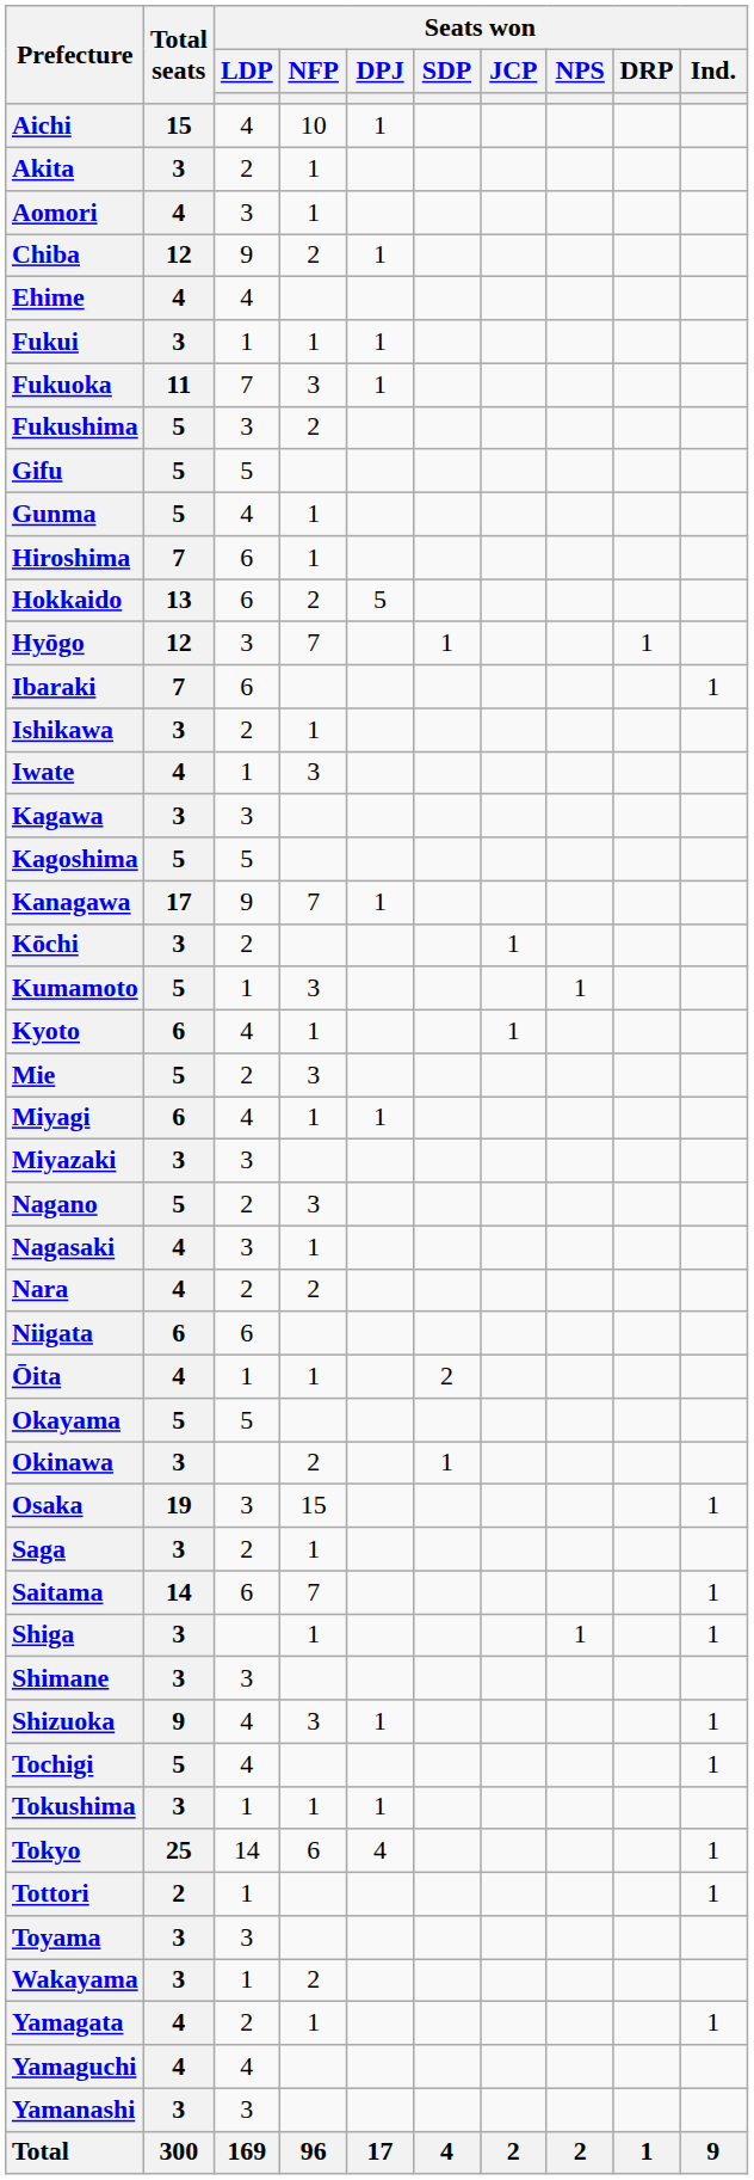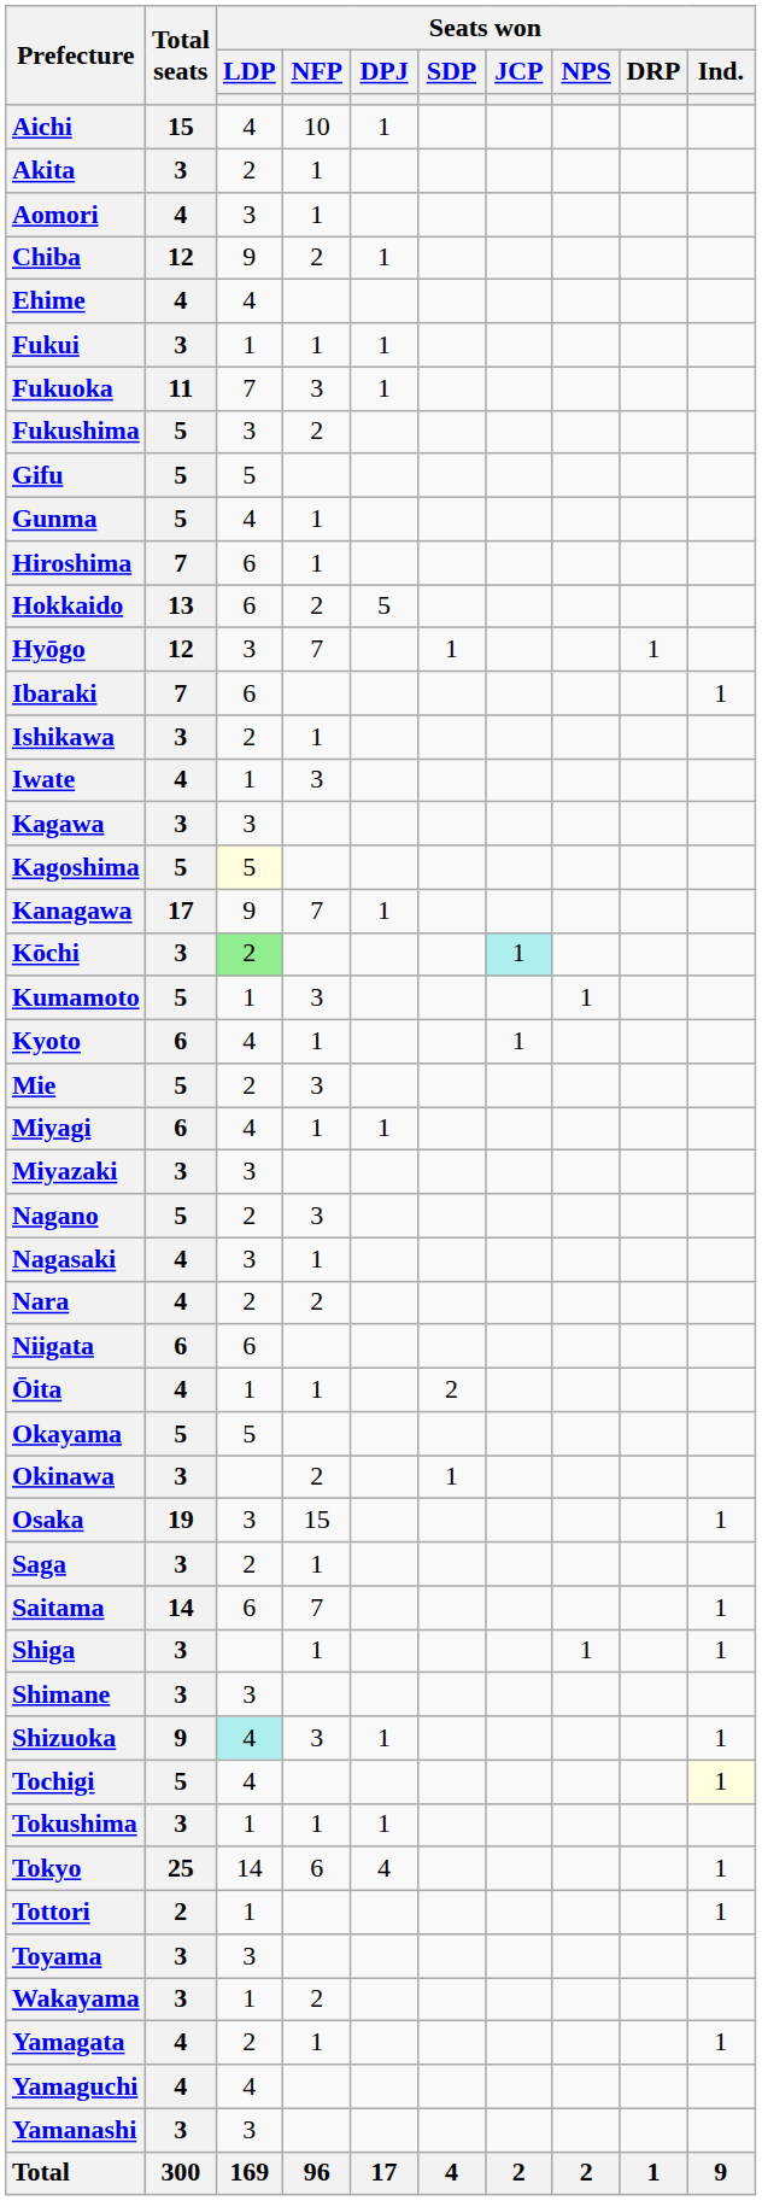 <table class="wikitable" style="text-align:center; font-size: 0.9em;">
 <tr>
 <th rowspan="3">Prefecture</th>
 <th rowspan="3">Total<br>seats</th>
 <th colspan="8">Seats won</th>
 </tr>
 <tr>
 <th class="unsortable" style="width:30px;"><a href='#'>LDP</a></th>
 <th class="unsortable" style="width:30px;"><a href='#'>NFP</a></th>
 <th class="unsortable" style="width:30px;"><a href='#'>DPJ</a></th>
 <th class="unsortable" style="width:30px;"><a href='#'>SDP</a></th>
 <th class="unsortable" style="width:30px;"><a href='#'>JCP</a></th>
 <th class="unsortable" style="width:30px;"><a href='#'>NPS</a></th>
 <th class="unsortable" style="width:30px;">DRP</th>
 <th class="unsortable" style="width:30px;">Ind.</th>
 </tr>
 <tr>
 <th style="background:"></th>
 <th style="background:"></th>
 <th style="background:"></th>
 <th style="background:"></th>
 <th style="background:"></th>
 <th style="background:"></th>
 <th style="background:"></th>
 <th style="background:"></th>
 </tr>
 <tr>
 <th style="text-align: left;"><a href='#'>Aichi</a></th>
 <th>15</th>
 <td>4</td>
 <td>10</td>
 <td>1</td>
 <td></td>
 <td></td>
 <td></td>
 <td></td>
 <td></td>
 </tr>
 <tr>
 <th style="text-align: left;"><a href='#'>Akita</a></th>
 <th>3</th>
 <td>2</td>
 <td>1</td>
 <td></td>
 <td></td>
 <td></td>
 <td></td>
 <td></td>
 <td></td>
 </tr>
 <tr>
 <th style="text-align: left;"><a href='#'>Aomori</a></th>
 <th>4</th>
 <td>3</td>
 <td>1</td>
 <td></td>
 <td></td>
 <td></td>
 <td></td>
 <td></td>
 <td></td>
 </tr>
 <tr>
 <th style="text-align: left;"><a href='#'>Chiba</a></th>
 <th>12</th>
 <td>9</td>
 <td>2</td>
 <td>1</td>
 <td></td>
 <td></td>
 <td></td>
 <td></td>
 <td></td>
 </tr>
 <tr>
 <th style="text-align: left;"><a href='#'>Ehime</a></th>
 <th>4</th>
 <td>4</td>
 <td></td>
 <td></td>
 <td></td>
 <td></td>
 <td></td>
 <td></td>
 <td></td>
 </tr>
 <tr>
 <th style="text-align: left;"><a href='#'>Fukui</a></th>
 <th>3</th>
 <td>1</td>
 <td>1</td>
 <td>1</td>
 <td></td>
 <td></td>
 <td></td>
 <td></td>
 <td></td>
 </tr>
 <tr>
 <th style="text-align: left;"><a href='#'>Fukuoka</a></th>
 <th>11</th>
 <td>7</td>
 <td>3</td>
 <td>1</td>
 <td></td>
 <td></td>
 <td></td>
 <td></td>
 <td></td>
 </tr>
 <tr>
 <th style="text-align: left;"><a href='#'>Fukushima</a></th>
 <th>5</th>
 <td>3</td>
 <td>2</td>
 <td></td>
 <td></td>
 <td></td>
 <td></td>
 <td></td>
 <td></td>
 </tr>
 <tr>
 <th style="text-align: left;"><a href='#'>Gifu</a></th>
 <th>5</th>
 <td>5</td>
 <td></td>
 <td></td>
 <td></td>
 <td></td>
 <td></td>
 <td></td>
 <td></td>
 </tr>
 <tr>
 <th style="text-align: left;"><a href='#'>Gunma</a></th>
 <th>5</th>
 <td>4</td>
 <td>1</td>
 <td></td>
 <td></td>
 <td></td>
 <td></td>
 <td></td>
 <td></td>
 </tr>
 <tr>
 <th style="text-align: left;"><a href='#'>Hiroshima</a></th>
 <th>7</th>
 <td>6</td>
 <td>1</td>
 <td></td>
 <td></td>
 <td></td>
 <td></td>
 <td></td>
 <td></td>
 </tr>
 <tr>
 <th style="text-align: left;"><a href='#'>Hokkaido</a></th>
 <th>13</th>
 <td>6</td>
 <td>2</td>
 <td>5</td>
 <td></td>
 <td></td>
 <td></td>
 <td></td>
 <td></td>
 </tr>
 <tr>
 <th style="text-align: left;"><a href='#'>Hyōgo</a></th>
 <th>12</th>
 <td>3</td>
 <td>7</td>
 <td></td>
 <td>1</td>
 <td></td>
 <td></td>
 <td>1</td>
 <td></td>
 </tr>
 <tr>
 <th style="text-align: left;"><a href='#'>Ibaraki</a></th>
 <th>7</th>
 <td>6</td>
 <td></td>
 <td></td>
 <td></td>
 <td></td>
 <td></td>
 <td></td>
 <td>1</td>
 </tr>
 <tr>
 <th style="text-align: left;"><a href='#'>Ishikawa</a></th>
 <th>3</th>
 <td>2</td>
 <td>1</td>
 <td></td>
 <td></td>
 <td></td>
 <td></td>
 <td></td>
 <td></td>
 </tr>
 <tr>
 <th style="text-align: left;"><a href='#'>Iwate</a></th>
 <th>4</th>
 <td>1</td>
 <td>3</td>
 <td></td>
 <td></td>
 <td></td>
 <td></td>
 <td></td>
 <td></td>
 </tr>
 <tr>
 <th style="text-align: left;"><a href='#'>Kagawa</a></th>
 <th>3</th>
 <td>3</td>
 <td></td>
 <td></td>
 <td></td>
 <td></td>
 <td></td>
 <td></td>
 <td></td>
 </tr>
 <tr>
 <th style="text-align: left;"><a href='#'>Kagoshima</a></th>
 <th>5</th>
-<td>5</td>
+<td style="background: lightyellow;">5</td>
 <td></td>
 <td></td>
 <td></td>
 <td></td>
 <td></td>
 <td></td>
 <td></td>
 </tr>
 <tr>
 <th style="text-align: left;"><a href='#'>Kanagawa</a></th>
 <th>17</th>
 <td>9</td>
 <td>7</td>
 <td>1</td>
 <td></td>
 <td></td>
 <td></td>
 <td></td>
 <td></td>
 </tr>
 <tr>
 <th style="text-align: left;"><a href='#'>Kōchi</a></th>
 <th>3</th>
-<td>2</td>
+<td style="background: lightgreen;">2</td>
 <td></td>
 <td></td>
 <td></td>
-<td>1</td>
+<td style="background: paleturquoise;">1</td>
 <td></td>
 <td></td>
 <td></td>
 </tr>
 <tr>
 <th style="text-align: left;"><a href='#'>Kumamoto</a></th>
 <th>5</th>
 <td>1</td>
 <td>3</td>
 <td></td>
 <td></td>
 <td></td>
 <td>1</td>
 <td></td>
 <td></td>
 </tr>
 <tr>
 <th style="text-align: left;"><a href='#'>Kyoto</a></th>
 <th>6</th>
 <td>4</td>
 <td>1</td>
 <td></td>
 <td></td>
 <td>1</td>
 <td></td>
 <td></td>
 <td></td>
 </tr>
 <tr>
 <th style="text-align: left;"><a href='#'>Mie</a></th>
 <th>5</th>
 <td>2</td>
 <td>3</td>
 <td></td>
 <td></td>
 <td></td>
 <td></td>
 <td></td>
 <td></td>
 </tr>
 <tr>
 <th style="text-align: left;"><a href='#'>Miyagi</a></th>
 <th>6</th>
 <td>4</td>
 <td>1</td>
 <td>1</td>
 <td></td>
 <td></td>
 <td></td>
 <td></td>
 <td></td>
 </tr>
 <tr>
 <th style="text-align: left;"><a href='#'>Miyazaki</a></th>
 <th>3</th>
 <td>3</td>
 <td></td>
 <td></td>
 <td></td>
 <td></td>
 <td></td>
 <td></td>
 <td></td>
 </tr>
 <tr>
 <th style="text-align: left;"><a href='#'>Nagano</a></th>
 <th>5</th>
 <td>2</td>
 <td>3</td>
 <td></td>
 <td></td>
 <td></td>
 <td></td>
 <td></td>
 <td></td>
 </tr>
 <tr>
 <th style="text-align: left;"><a href='#'>Nagasaki</a></th>
 <th>4</th>
 <td>3</td>
 <td>1</td>
 <td></td>
 <td></td>
 <td></td>
 <td></td>
 <td></td>
 <td></td>
 </tr>
 <tr>
 <th style="text-align: left;"><a href='#'>Nara</a></th>
 <th>4</th>
 <td>2</td>
 <td>2</td>
 <td></td>
 <td></td>
 <td></td>
 <td></td>
 <td></td>
 <td></td>
 </tr>
 <tr>
 <th style="text-align: left;"><a href='#'>Niigata</a></th>
 <th>6</th>
 <td>6</td>
 <td></td>
 <td></td>
 <td></td>
 <td></td>
 <td></td>
 <td></td>
 <td></td>
 </tr>
 <tr>
 <th style="text-align: left;"><a href='#'>Ōita</a></th>
 <th>4</th>
 <td>1</td>
 <td>1</td>
 <td></td>
 <td>2</td>
 <td></td>
 <td></td>
 <td></td>
 <td></td>
 </tr>
 <tr>
 <th style="text-align: left;"><a href='#'>Okayama</a></th>
 <th>5</th>
 <td>5</td>
 <td></td>
 <td></td>
 <td></td>
 <td></td>
 <td></td>
 <td></td>
 <td></td>
 </tr>
 <tr>
 <th style="text-align: left;"><a href='#'>Okinawa</a></th>
 <th>3</th>
 <td></td>
 <td>2</td>
 <td></td>
 <td>1</td>
 <td></td>
 <td></td>
 <td></td>
 <td></td>
 </tr>
 <tr>
 <th style="text-align: left;"><a href='#'>Osaka</a></th>
 <th>19</th>
 <td>3</td>
 <td>15</td>
 <td></td>
 <td></td>
 <td></td>
 <td></td>
 <td></td>
 <td>1</td>
 </tr>
 <tr>
 <th style="text-align: left;"><a href='#'>Saga</a></th>
 <th>3</th>
 <td>2</td>
 <td>1</td>
 <td></td>
 <td></td>
 <td></td>
 <td></td>
 <td></td>
 <td></td>
 </tr>
 <tr>
 <th style="text-align: left;"><a href='#'>Saitama</a></th>
 <th>14</th>
 <td>6</td>
 <td>7</td>
 <td></td>
 <td></td>
 <td></td>
 <td></td>
 <td></td>
 <td>1</td>
 </tr>
 <tr>
 <th style="text-align: left;"><a href='#'>Shiga</a></th>
 <th>3</th>
 <td></td>
 <td>1</td>
 <td></td>
 <td></td>
 <td></td>
 <td>1</td>
 <td></td>
 <td>1</td>
 </tr>
 <tr>
 <th style="text-align: left;"><a href='#'>Shimane</a></th>
 <th>3</th>
 <td>3</td>
 <td></td>
 <td></td>
 <td></td>
 <td></td>
 <td></td>
 <td></td>
 <td></td>
 </tr>
 <tr>
 <th style="text-align: left;"><a href='#'>Shizuoka</a></th>
 <th>9</th>
-<td>4</td>
+<td style="background: paleturquoise;">4</td>
 <td>3</td>
 <td>1</td>
 <td></td>
 <td></td>
 <td></td>
 <td></td>
 <td>1</td>
 </tr>
 <tr>
 <th style="text-align: left;"><a href='#'>Tochigi</a></th>
 <th>5</th>
 <td>4</td>
 <td></td>
 <td></td>
 <td></td>
 <td></td>
 <td></td>
 <td></td>
-<td>1</td>
+<td style="background: lightyellow;">1</td>
 </tr>
 <tr>
 <th style="text-align: left;"><a href='#'>Tokushima</a></th>
 <th>3</th>
 <td>1</td>
 <td>1</td>
 <td>1</td>
 <td></td>
 <td></td>
 <td></td>
 <td></td>
 <td></td>
 </tr>
 <tr>
 <th style="text-align: left;"><a href='#'>Tokyo</a></th>
 <th>25</th>
 <td>14</td>
 <td>6</td>
 <td>4</td>
 <td></td>
 <td></td>
 <td></td>
 <td></td>
 <td>1</td>
 </tr>
 <tr>
 <th style="text-align: left;"><a href='#'>Tottori</a></th>
 <th>2</th>
 <td>1</td>
 <td></td>
 <td></td>
 <td></td>
 <td></td>
 <td></td>
 <td></td>
 <td>1</td>
 </tr>
 <tr>
 <th style="text-align: left;"><a href='#'>Toyama</a></th>
 <th>3</th>
 <td>3</td>
 <td></td>
 <td></td>
 <td></td>
 <td></td>
 <td></td>
 <td></td>
 <td></td>
 </tr>
 <tr>
 <th style="text-align: left;"><a href='#'>Wakayama</a></th>
 <th>3</th>
 <td>1</td>
 <td>2</td>
 <td></td>
 <td></td>
 <td></td>
 <td></td>
 <td></td>
 <td></td>
 </tr>
 <tr>
 <th style="text-align: left;"><a href='#'>Yamagata</a></th>
 <th>4</th>
 <td>2</td>
 <td>1</td>
 <td></td>
 <td></td>
 <td></td>
 <td></td>
 <td></td>
 <td>1</td>
 </tr>
 <tr>
 <th style="text-align: left;"><a href='#'>Yamaguchi</a></th>
 <th>4</th>
 <td>4</td>
 <td></td>
 <td></td>
 <td></td>
 <td></td>
 <td></td>
 <td></td>
 <td></td>
 </tr>
 <tr>
 <th style="text-align: left;"><a href='#'>Yamanashi</a></th>
 <th>3</th>
 <td>3</td>
 <td></td>
 <td></td>
 <td></td>
 <td></td>
 <td></td>
 <td></td>
 <td></td>
 </tr>
 <tr class="sortbottom">
 <th style="text-align: left;">Total</th>
 <th>300</th>
 <th>169</th>
 <th>96</th>
 <th>17</th>
 <th>4</th>
 <th>2</th>
 <th>2</th>
 <th>1</th>
 <th>9</th>
 </tr>
 </table>
